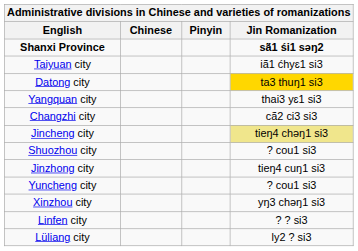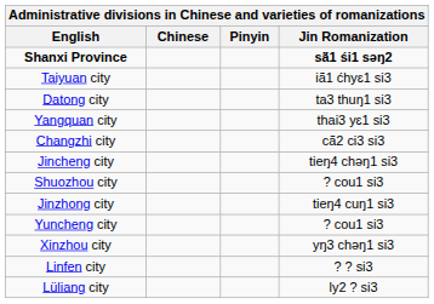 <table class="wikitable sortable collapsible collapsed" style="text-font:90%; width:auto; text-align:center; margin-left: auto; margin-right: auto;">
 <tr>
 <th colspan="5">Administrative divisions in Chinese and varieties of romanizations</th>
 </tr>
 <tr>
 <th>English</th>
 <th>Chinese</th>
 <th>Pinyin</th>
 <th>Jin Romanization</th>
 </tr>
 <tr>
 <td><strong>Shanxi Province</strong></td>
 <td></td>
 <td><strong></strong></td>
 <td><strong>sä̃1 śi1 sǝŋ2</strong></td>
 </tr>
 <tr>
 <td><a href='#'>Taiyuan</a> city</td>
 <td></td>
 <td></td>
 <td>iã1 ćhyɛ1 si3</td>
 </tr>
 <tr>
 <td><a href='#'>Datong</a> city</td>
 <td></td>
 <td></td>
-<td style="background: gold;">ta3 thuŋ1 si3</td>
+<td>ta3 thuŋ1 si3</td>
 </tr>
 <tr>
 <td><a href='#'>Yangquan</a> city</td>
 <td></td>
 <td></td>
 <td>thai3 yɛ1 si3</td>
 </tr>
 <tr>
 <td><a href='#'>Changzhi</a> city</td>
 <td></td>
 <td></td>
 <td>cã2 ci3 si3</td>
 </tr>
 <tr>
 <td><a href='#'>Jincheng</a> city</td>
 <td></td>
 <td></td>
-<td style="background: khaki;">tieŋ4 chǝŋ1 si3</td>
+<td>tieŋ4 chǝŋ1 si3</td>
 </tr>
 <tr>
 <td><a href='#'>Shuozhou</a> city</td>
 <td></td>
 <td></td>
 <td>? cou1 si3</td>
 </tr>
 <tr>
 <td><a href='#'>Jinzhong</a> city</td>
 <td></td>
 <td></td>
 <td>tieŋ4 cuŋ1 si3</td>
 </tr>
 <tr>
 <td><a href='#'>Yuncheng</a> city</td>
 <td></td>
 <td></td>
 <td>? cou1 si3</td>
 </tr>
 <tr>
 <td><a href='#'>Xinzhou</a> city</td>
 <td></td>
 <td></td>
 <td>yŋ3 chǝŋ1 si3</td>
 </tr>
 <tr>
 <td><a href='#'>Linfen</a> city</td>
 <td></td>
 <td></td>
 <td>? ? si3</td>
 </tr>
 <tr>
 <td><a href='#'>Lüliang</a> city</td>
 <td></td>
 <td></td>
 <td>ly2 ? si3</td>
 </tr>
 </table>
